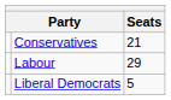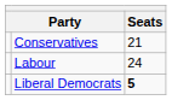 <table class="wikitable">
 <tr>
 <th colspan="3"></th>
 </tr>
 <tr>
 <th colspan="2">Party</th>
 <th>Seats</th>
 </tr>
 <tr>
 <td style="color:inherit;background:"></td>
 <td><a href='#'>Conservatives</a></td>
 <td>21</td>
 </tr>
 <tr>
 <td style="color:inherit;background:"></td>
 <td><a href='#'>Labour</a></td>
-<td>29</td>
+<td>24</td>
 </tr>
 <tr>
 <td style="color:inherit;background:"></td>
 <td><a href='#'>Liberal Democrats</a></td>
-<td>5</td>
+<td><strong>5</strong></td>
 </tr>
 </table>
